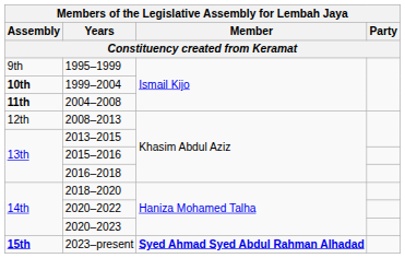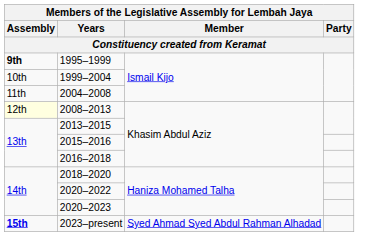 <table class=wikitable>
 <tr>
 <th colspan=4>Members of the Legislative Assembly for Lembah Jaya</th>
 </tr>
 <tr>
 <th>Assembly</th>
 <th>Years</th>
 <th>Member</th>
 <th>Party</th>
 </tr>
 <tr>
 <th colspan=4 align=center><em>Constituency created from Keramat</em></th>
 </tr>
 <tr>
-<td>9th</td>
+<td><strong>9th</strong></td>
 <td>1995–1999</td>
 <td rowspan=3><a href='#'>Ismail Kijo</a></td>
 <td rowspan=3></td>
 </tr>
 <tr>
-<td><strong>10th</strong></td>
+<td>10th</td>
 <td>1999–2004</td>
 </tr>
 <tr>
-<td><strong>11th</strong></td>
+<td>11th</td>
 <td>2004–2008</td>
 </tr>
 <tr>
-<td>12th</td>
+<td style="background: lightyellow;">12th</td>
 <td>2008–2013</td>
 <td rowspan=4>Khasim Abdul Aziz</td>
 <td rowspan=2></td>
 </tr>
 <tr>
 <td rowspan=3><a href='#'>13th</a></td>
 <td>2013–2015</td>
 </tr>
 <tr>
 <td>2015–2016</td>
 <td></td>
 </tr>
 <tr>
 <td>2016–2018</td>
 <td></td>
 </tr>
 <tr>
 <td rowspan="3"><a href='#'>14th</a></td>
 <td>2018–2020</td>
 <td rowspan=3><a href='#'>Haniza Mohamed Talha</a></td>
 <td></td>
 </tr>
 <tr>
 <td>2020–2022</td>
 <td></td>
 </tr>
 <tr>
 <td>2020–2023</td>
 <td></td>
 </tr>
 <tr>
 <td><strong><a href='#'>15th</a></strong></td>
 <td>2023–present</td>
-<td><strong><a href='#'>Syed Ahmad Syed Abdul Rahman Alhadad</a></strong></td>
+<td><a href='#'>Syed Ahmad Syed Abdul Rahman Alhadad</a></td>
 <td></td>
 </tr>
 </table>
